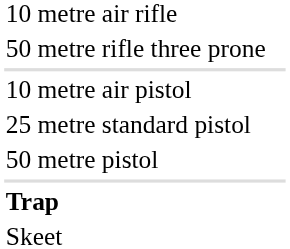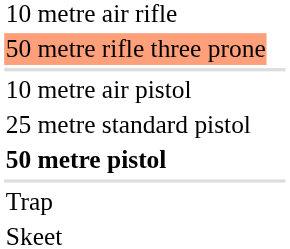 <table>
 <tr>
 <td>10 metre air rifle<br></td>
 <td></td>
 <td></td>
 <td></td>
 </tr>
 <tr>
-<td>50 metre rifle three prone<br></td>
+<td style="background: lightsalmon;">50 metre rifle three prone<br></td>
 <td></td>
 <td></td>
 <td></td>
 </tr>
 <tr bgcolor=#DDDDDD>
 <td colspan=7></td>
 </tr>
 <tr>
 <td>10 metre air pistol<br></td>
 <td></td>
 <td></td>
 <td></td>
 </tr>
 <tr>
 <td>25 metre standard pistol<br></td>
 <td></td>
 <td></td>
 <td></td>
 </tr>
 <tr>
-<td>50 metre pistol<br></td>
+<td><strong>50 metre pistol<br></strong></td>
 <td></td>
 <td></td>
 <td></td>
 </tr>
 <tr bgcolor=#DDDDDD>
 <td colspan=7></td>
 </tr>
 <tr>
-<td><strong>Trap<br></strong></td>
+<td>Trap<br></td>
 <td></td>
 <td></td>
 <td></td>
 </tr>
 <tr>
 <td>Skeet<br></td>
 <td></td>
 <td></td>
 <td></td>
 </tr>
 </table>
